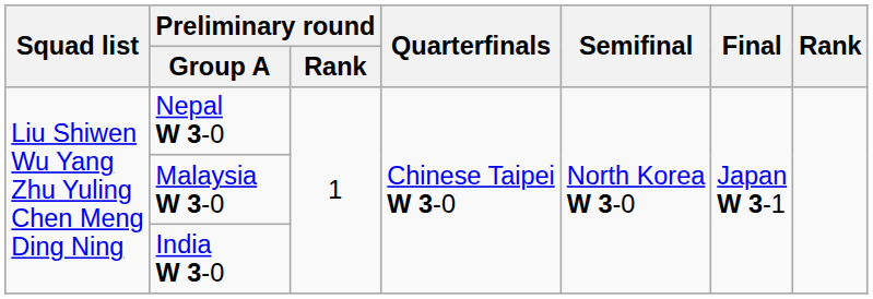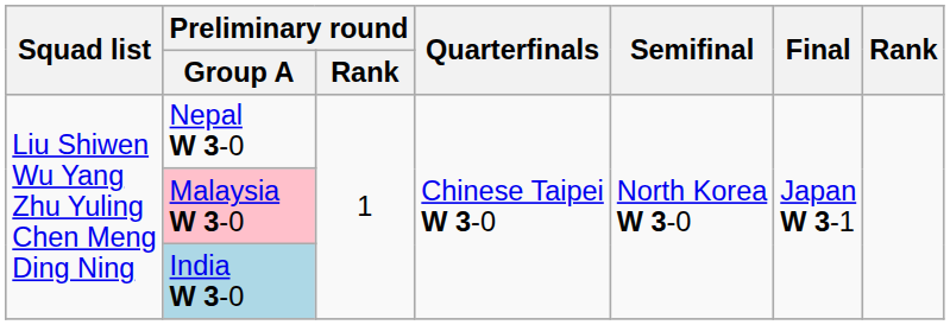 <table class="wikitable" style="font-size:90%">
 <tr>
 <th rowspan="2">Squad list</th>
 <th colspan="2">Preliminary round</th>
 <th rowspan="2">Quarterfinals</th>
 <th rowspan="2">Semifinal</th>
 <th rowspan="2">Final</th>
 <th rowspan="2">Rank</th>
 </tr>
 <tr>
 <th>Group A</th>
 <th>Rank</th>
 </tr>
 <tr>
 <td rowspan=3><a href='#'>Liu Shiwen</a><br><a href='#'>Wu Yang</a><br><a href='#'>Zhu Yuling</a><br><a href='#'>Chen Meng</a><br><a href='#'>Ding Ning</a></td>
 <td><a href='#'>Nepal</a><br><strong>W</strong> <strong>3</strong>-0</td>
 <td rowspan="3" style="text-align:center;">1 <strong></strong></td>
 <td rowspan=3><a href='#'>Chinese Taipei</a><br><strong>W</strong> <strong>3</strong>-0</td>
 <td rowspan=3><a href='#'>North Korea</a><br><strong>W</strong> <strong>3</strong>-0</td>
 <td rowspan=3><a href='#'>Japan</a><br><strong>W</strong> <strong>3</strong>-1</td>
 <td rowspan="3" style="text-align:center;"></td>
 </tr>
 <tr>
-<td><a href='#'>Malaysia</a><br><strong>W</strong> <strong>3</strong>-0</td>
+<td style="background: pink;"><a href='#'>Malaysia</a><br><strong>W</strong> <strong>3</strong>-0</td>
 </tr>
 <tr>
-<td><a href='#'>India</a><br><strong>W</strong> <strong>3</strong>-0</td>
+<td style="background: lightblue;"><a href='#'>India</a><br><strong>W</strong> <strong>3</strong>-0</td>
 </tr>
 </table>
